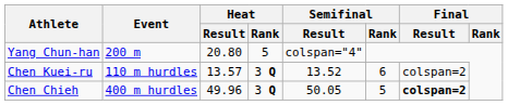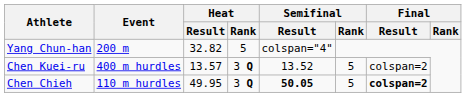 <table class="wikitable">
 <tr>
 <th rowspan="2">Athlete</th>
 <th rowspan="2">Event</th>
 <th colspan="2">Heat</th>
 <th colspan="2">Semifinal</th>
 <th colspan="2">Final</th>
 </tr>
 <tr>
 <th>Result</th>
 <th>Rank</th>
 <th>Result</th>
 <th>Rank</th>
 <th>Result</th>
 <th>Rank</th>
 </tr>
 <tr style=text-align:center>
 <td style=text-align:left><a href='#'>Yang Chun-han</a></td>
 <td style=text-align:left><a href='#'>200 m</a></td>
-<td>20.80</td>
+<td>32.82</td>
 <td>5</td>
 <td>colspan="4" </td>
 </tr>
 <tr style=text-align:center>
 <td style=text-align:left><a href='#'>Chen Kuei-ru</a></td>
-<td style=text-align:left><a href='#'>110 m hurdles</a></td>
+<td style=text-align:left><a href='#'>400 m hurdles</a></td>
 <td>13.57</td>
 <td>3 <strong>Q</strong></td>
 <td>13.52</td>
-<td>6</td>
+<td>5</td>
 <td>colspan=2 </td>
 </tr>
 <tr style=text-align:center>
 <td style=text-align:left><a href='#'>Chen Chieh</a></td>
-<td style=text-align:left><a href='#'>400 m hurdles</a></td>
-<td>49.96</td>
+<td style=text-align:left><a href='#'>110 m hurdles</a></td>
+<td>49.95</td>
 <td>3 <strong>Q</strong></td>
-<td>50.05</td>
+<td><strong>50.05</strong></td>
 <td>5</td>
 <td><strong>colspan=2 </strong></td>
 </tr>
 </table>
